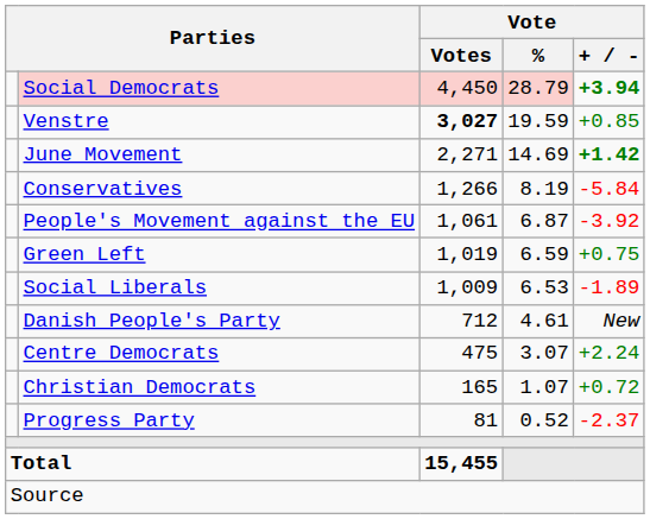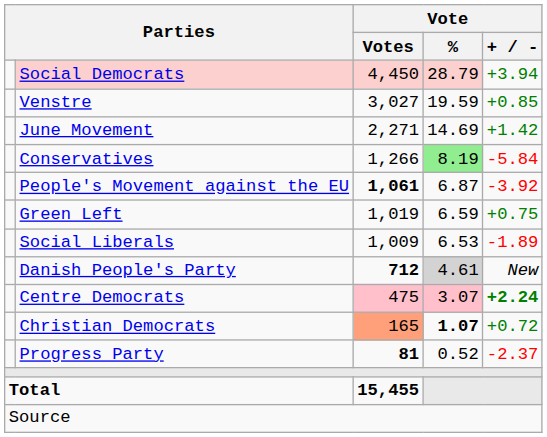 <table class="wikitable" style="text-align:right;">
 <tr>
 <th style="text-align:centre;" rowspan="2" colspan="2" width="225">Parties</th>
 <th colspan="3">Vote</th>
 </tr>
 <tr>
 <th width="15">Votes</th>
 <th width="15">%</th>
 <th width="15">+ / -</th>
 </tr>
 <tr>
 <td width="2" style="color:inherit;background:"></td>
 <td bgcolor=#fbd0ce   align="left"><a href='#'>Social Democrats</a></td>
 <td bgcolor=#fbd0ce>4,450</td>
 <td bgcolor=#fbd0ce>28.79</td>
-<td style=color:green;><strong>+3.94</strong></td>
+<td style=color:green;>+3.94</td>
 </tr>
 <tr>
 <td width="2" style="color:inherit;background:"></td>
 <td align="left"><a href='#'>Venstre</a></td>
-<td><strong>3,027</strong></td>
+<td>3,027</td>
 <td>19.59</td>
 <td style=color:green;>+0.85</td>
 </tr>
 <tr>
 <td width="2" style="color:inherit;background:"></td>
 <td align="left"><a href='#'>June Movement</a></td>
 <td>2,271</td>
 <td>14.69</td>
-<td style=color:green;><strong>+1.42</strong></td>
+<td style=color:green;>+1.42</td>
 </tr>
 <tr>
 <td width="2" style="color:inherit;background:"></td>
 <td align="left"><a href='#'>Conservatives</a></td>
 <td>1,266</td>
-<td>8.19</td>
+<td style="background: lightgreen;">8.19</td>
 <td style=color:red;>-5.84</td>
 </tr>
 <tr>
 <td width="2" style="color:inherit;background:"></td>
 <td align="left"><a href='#'>People's Movement against the EU</a></td>
-<td>1,061</td>
+<td><strong>1,061</strong></td>
 <td>6.87</td>
 <td style=color:red;>-3.92</td>
 </tr>
 <tr>
 <td width="2" style="color:inherit;background:"></td>
 <td align="left"><a href='#'>Green Left</a></td>
 <td>1,019</td>
 <td>6.59</td>
 <td style=color:green;>+0.75</td>
 </tr>
 <tr>
 <td width="2" style="color:inherit;background:"></td>
 <td align="left"><a href='#'>Social Liberals</a></td>
 <td>1,009</td>
 <td>6.53</td>
 <td style=color:red;>-1.89</td>
 </tr>
 <tr>
 <td width="2" style="color:inherit;background:"></td>
 <td align="left"><a href='#'>Danish People's Party</a></td>
-<td>712</td>
-<td>4.61</td>
+<td><strong>712</strong></td>
+<td style="background: lightgrey;">4.61</td>
 <td><em>New</em></td>
 </tr>
 <tr>
 <td width="2" style="color:inherit;background:"></td>
 <td align="left"><a href='#'>Centre Democrats</a></td>
-<td>475</td>
-<td>3.07</td>
-<td style=color:green;>+2.24</td>
+<td style="background: pink;">475</td>
+<td style="background: pink;">3.07</td>
+<td style=color:green;><strong>+2.24</strong></td>
 </tr>
 <tr>
 <td width="2" style="color:inherit;background:"></td>
 <td align="left"><a href='#'>Christian Democrats</a></td>
-<td>165</td>
-<td>1.07</td>
+<td style="background: lightsalmon;">165</td>
+<td><strong>1.07</strong></td>
 <td style=color:green;>+0.72</td>
 </tr>
 <tr>
 <td width="2" style="color:inherit;background:"></td>
 <td align="left"><a href='#'>Progress Party</a></td>
-<td>81</td>
+<td><strong>81</strong></td>
 <td>0.52</td>
 <td style=color:red;>-2.37</td>
 </tr>
 <tr>
 <td colspan="7" bgcolor="#E9E9E9"></td>
 </tr>
 <tr>
 <td align="left" colspan="2"><strong>Total</strong></td>
 <td><strong>15,455</strong></td>
 <td bgcolor="#E9E9E9" colspan="2"></td>
 </tr>
 <tr>
 <td align="left" colspan="6">Source</td>
 </tr>
 </table>
